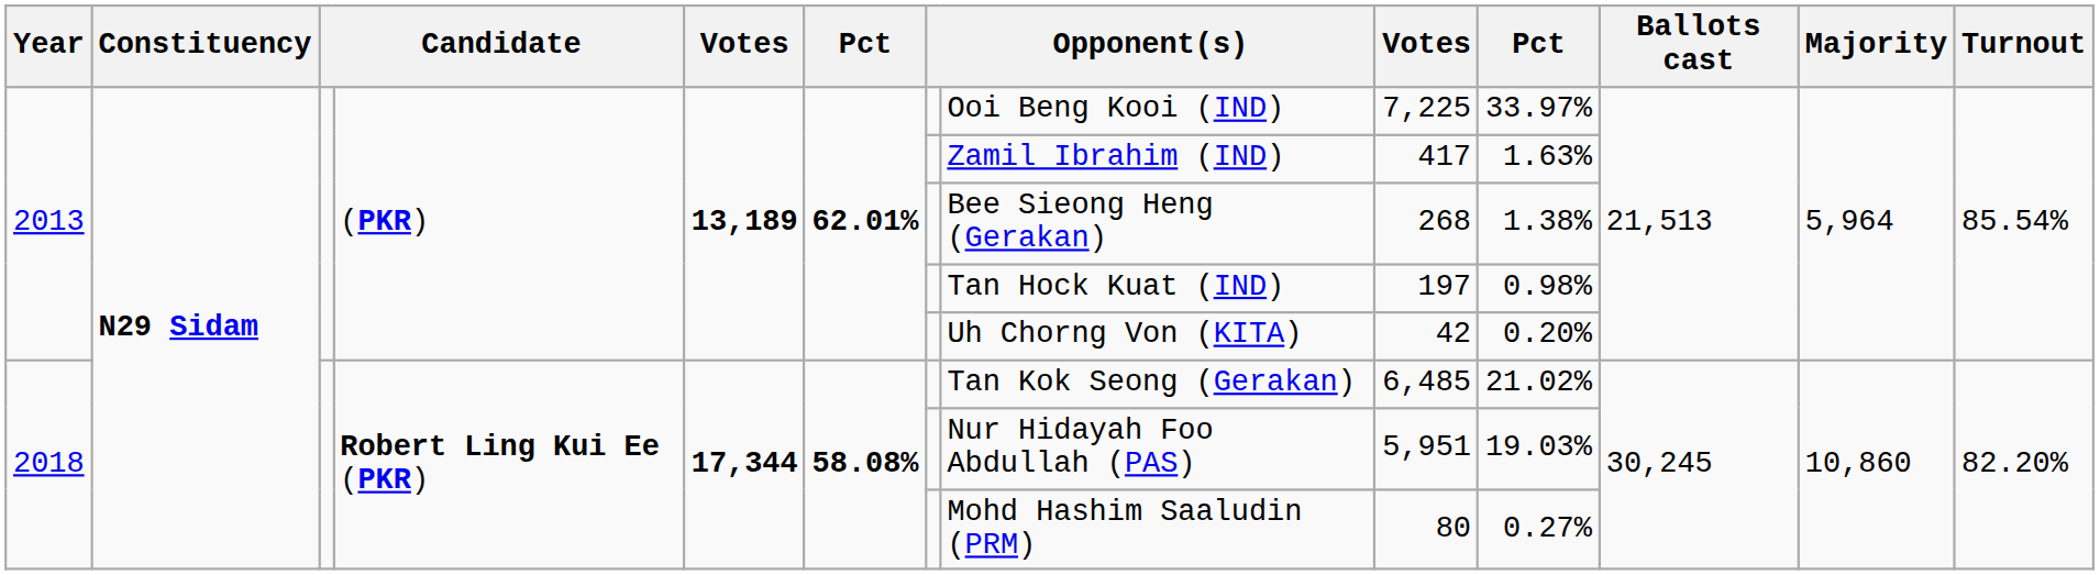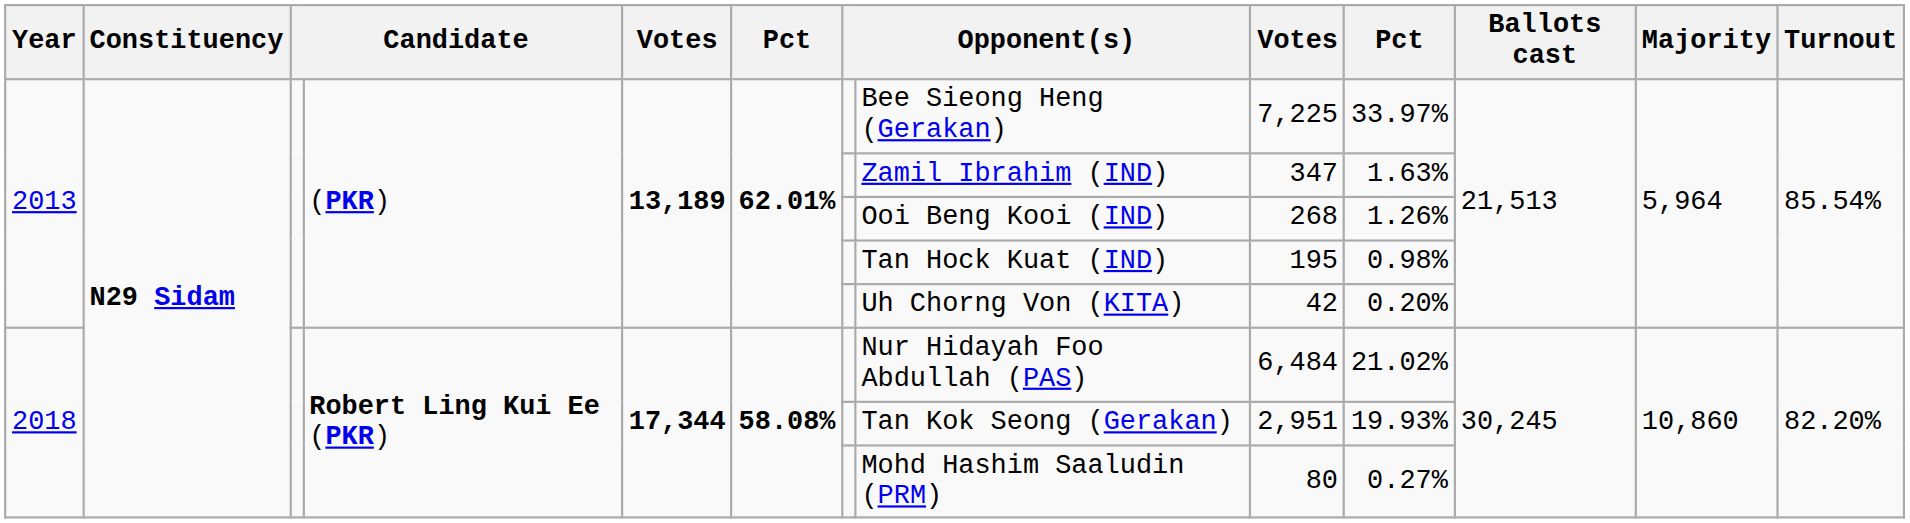 <table class="wikitable" style="margin:0.5em ; font-size:95%">
 <tr>
 <th>Year</th>
 <th>Constituency</th>
 <th colspan=2>Candidate</th>
 <th>Votes</th>
 <th>Pct</th>
 <th colspan=2>Opponent(s)</th>
 <th>Votes</th>
 <th>Pct</th>
 <th>Ballots cast</th>
 <th>Majority</th>
 <th>Turnout</th>
 </tr>
 <tr>
 <td rowspan=5><a href='#'>2013</a></td>
 <td rowspan=8><strong>N29 <a href='#'>Sidam</a></strong></td>
 <td rowspan=5 ></td>
 <td rowspan=5> (<a href='#'><strong>PKR</strong></a>)</td>
 <td rowspan=5 align="right"><strong>13,189</strong></td>
 <td rowspan=5><strong>62.01%</strong></td>
 <td></td>
-<td>Ooi Beng Kooi  (<a href='#'>IND</a>)</td>
+<td>Bee Sieong Heng (<a href='#'>Gerakan</a>)</td>
 <td align="right">7,225</td>
 <td>33.97%</td>
 <td rowspan=5>21,513</td>
 <td rowspan=5>5,964</td>
 <td rowspan=5>85.54%</td>
 </tr>
 <tr>
 <td></td>
 <td><a href='#'>Zamil Ibrahim</a> (<a href='#'>IND</a>)</td>
-<td align="right">417</td>
+<td align="right">347</td>
 <td align="right">1.63%</td>
 </tr>
 <tr>
 <td></td>
-<td>Bee Sieong Heng (<a href='#'>Gerakan</a>)</td>
+<td>Ooi Beng Kooi  (<a href='#'>IND</a>)</td>
 <td align="right">268</td>
-<td align="right">1.38%</td>
+<td align="right">1.26%</td>
 </tr>
 <tr>
 <td></td>
 <td>Tan Hock Kuat (<a href='#'>IND</a>)</td>
-<td align="right">197</td>
+<td align="right">195</td>
 <td align="right">0.98%</td>
 </tr>
 <tr>
 <td></td>
 <td>Uh Chorng Von (<a href='#'>KITA</a>)</td>
 <td align="right">42</td>
 <td align="right">0.20%</td>
 </tr>
 <tr>
 <td rowspan=3><a href='#'>2018</a></td>
 <td rowspan=3 ></td>
 <td rowspan=3><strong>Robert Ling Kui Ee</strong> (<a href='#'><strong>PKR</strong></a>)</td>
 <td rowspan=3 align="right"><strong>17,344</strong></td>
 <td rowspan=3><strong>58.08%</strong></td>
 <td></td>
-<td>Tan Kok Seong (<a href='#'>Gerakan</a>)</td>
-<td align="right">6,485</td>
+<td>Nur Hidayah Foo Abdullah  (<a href='#'>PAS</a>)</td>
+<td align="right">6,484</td>
 <td>21.02%</td>
 <td rowspan=3>30,245</td>
 <td rowspan=3>10,860</td>
 <td rowspan=3>82.20%</td>
 </tr>
 <tr>
 <td></td>
-<td>Nur Hidayah Foo Abdullah  (<a href='#'>PAS</a>)</td>
-<td align="right">5,951</td>
-<td>19.03%</td>
+<td>Tan Kok Seong (<a href='#'>Gerakan</a>)</td>
+<td align="right">2,951</td>
+<td>19.93%</td>
 </tr>
 <tr>
 <td bgcolor=></td>
 <td>Mohd Hashim Saaludin (<a href='#'>PRM</a>)</td>
 <td align="right">80</td>
 <td align="right">0.27%</td>
 </tr>
 </table>
